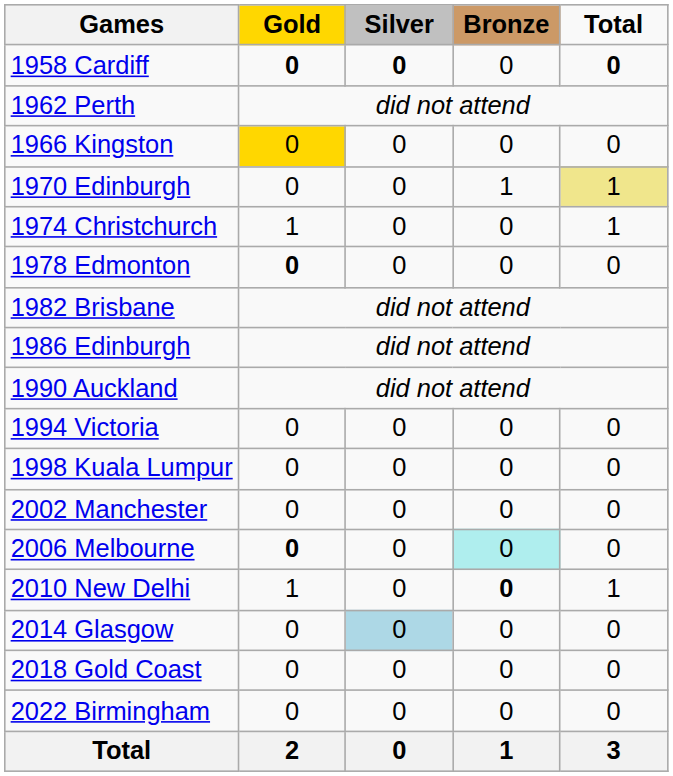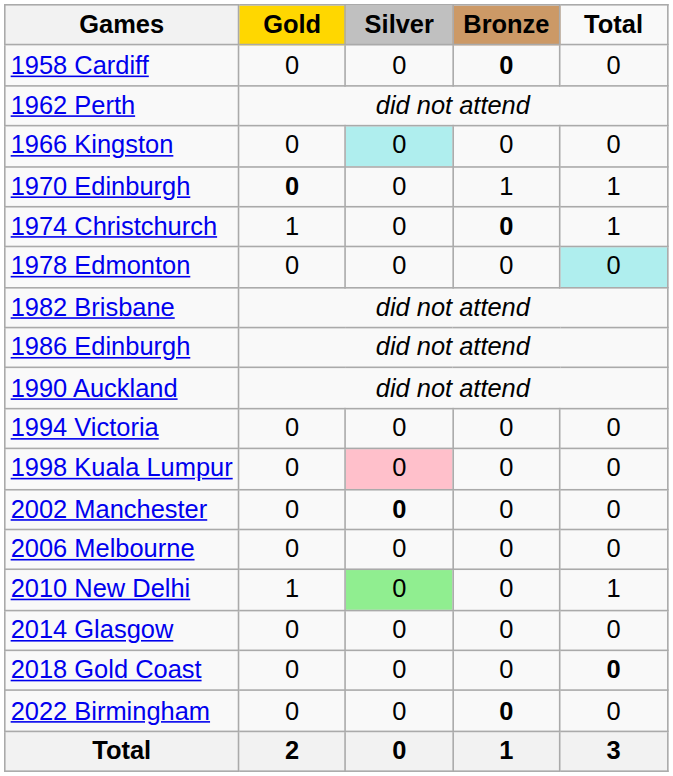 <table class="wikitable" style="text-align:center">
 <tr>
 <th>Games</th>
 <td width=60 bgcolor=gold><strong>Gold</strong></td>
 <td width=60 bgcolor=silver><strong>Silver</strong></td>
 <td width=60 bgcolor=cc9966><strong>Bronze</strong></td>
 <td width=60><strong>Total</strong></td>
 </tr>
 <tr>
 <td align=left><a href='#'>1958 Cardiff</a></td>
-<td><strong>0</strong></td>
+<td>0</td>
+<td>0</td>
 <td><strong>0</strong></td>
 <td>0</td>
-<td><strong>0</strong></td>
 </tr>
 <tr>
 <td align=left><a href='#'>1962 Perth</a></td>
 <td colspan=4><em>did not attend</em></td>
 </tr>
 <tr>
 <td align=left><a href='#'>1966 Kingston</a></td>
-<td style="background: gold;">0</td>
 <td>0</td>
+<td style="background: paleturquoise;">0</td>
 <td>0</td>
 <td>0</td>
 </tr>
 <tr>
 <td align=left><a href='#'>1970 Edinburgh</a></td>
-<td>0</td>
+<td><strong>0</strong></td>
 <td>0</td>
 <td>1</td>
-<td style="background: khaki;">1</td>
+<td>1</td>
 </tr>
 <tr>
 <td align=left><a href='#'>1974 Christchurch</a></td>
 <td>1</td>
 <td>0</td>
-<td>0</td>
+<td><strong>0</strong></td>
 <td>1</td>
 </tr>
 <tr>
 <td align=left><a href='#'>1978 Edmonton</a></td>
-<td><strong>0</strong></td>
 <td>0</td>
 <td>0</td>
 <td>0</td>
+<td style="background: paleturquoise;">0</td>
 </tr>
 <tr>
 <td align=left><a href='#'>1982 Brisbane</a></td>
 <td colspan=4><em>did not attend</em></td>
 </tr>
 <tr>
 <td align=left><a href='#'>1986 Edinburgh</a></td>
 <td colspan=4><em>did not attend</em></td>
 </tr>
 <tr>
 <td align=left><a href='#'>1990 Auckland</a></td>
 <td colspan=4><em>did not attend</em></td>
 </tr>
 <tr>
 <td align=left><a href='#'>1994 Victoria</a></td>
 <td>0</td>
 <td>0</td>
 <td>0</td>
 <td>0</td>
 </tr>
 <tr>
 <td align=left><a href='#'>1998 Kuala Lumpur</a></td>
 <td>0</td>
-<td>0</td>
+<td style="background: pink;">0</td>
 <td>0</td>
 <td>0</td>
 </tr>
 <tr>
 <td align=left><a href='#'>2002 Manchester</a></td>
 <td>0</td>
+<td><strong>0</strong></td>
+<td>0</td>
+<td>0</td>
+</tr>
+<tr>
+<td align=left><a href='#'>2006 Melbourne</a></td>
+<td>0</td>
 <td>0</td>
 <td>0</td>
 <td>0</td>
 </tr>
 <tr>
-<td align=left><a href='#'>2006 Melbourne</a></td>
-<td><strong>0</strong></td>
-<td>0</td>
-<td style="background: paleturquoise;">0</td>
-<td>0</td>
-</tr>
-<tr>
 <td align=left><a href='#'>2010 New Delhi</a></td>
 <td>1</td>
+<td style="background: lightgreen;">0</td>
 <td>0</td>
-<td><strong>0</strong></td>
 <td>1</td>
 </tr>
 <tr>
 <td align=left><a href='#'>2014 Glasgow</a></td>
 <td>0</td>
-<td style="background: lightblue;">0</td>
+<td>0</td>
 <td>0</td>
 <td>0</td>
 </tr>
 <tr>
 <td align=left><a href='#'>2018 Gold Coast</a></td>
 <td>0</td>
 <td>0</td>
 <td>0</td>
-<td>0</td>
+<td><strong>0</strong></td>
 </tr>
 <tr>
 <td align=left><a href='#'>2022 Birmingham</a></td>
 <td>0</td>
 <td>0</td>
-<td>0</td>
+<td><strong>0</strong></td>
 <td>0</td>
 </tr>
 <tr>
 <th>Total</th>
 <th>2</th>
 <th>0</th>
 <th>1</th>
 <th>3</th>
 </tr>
 </table>
